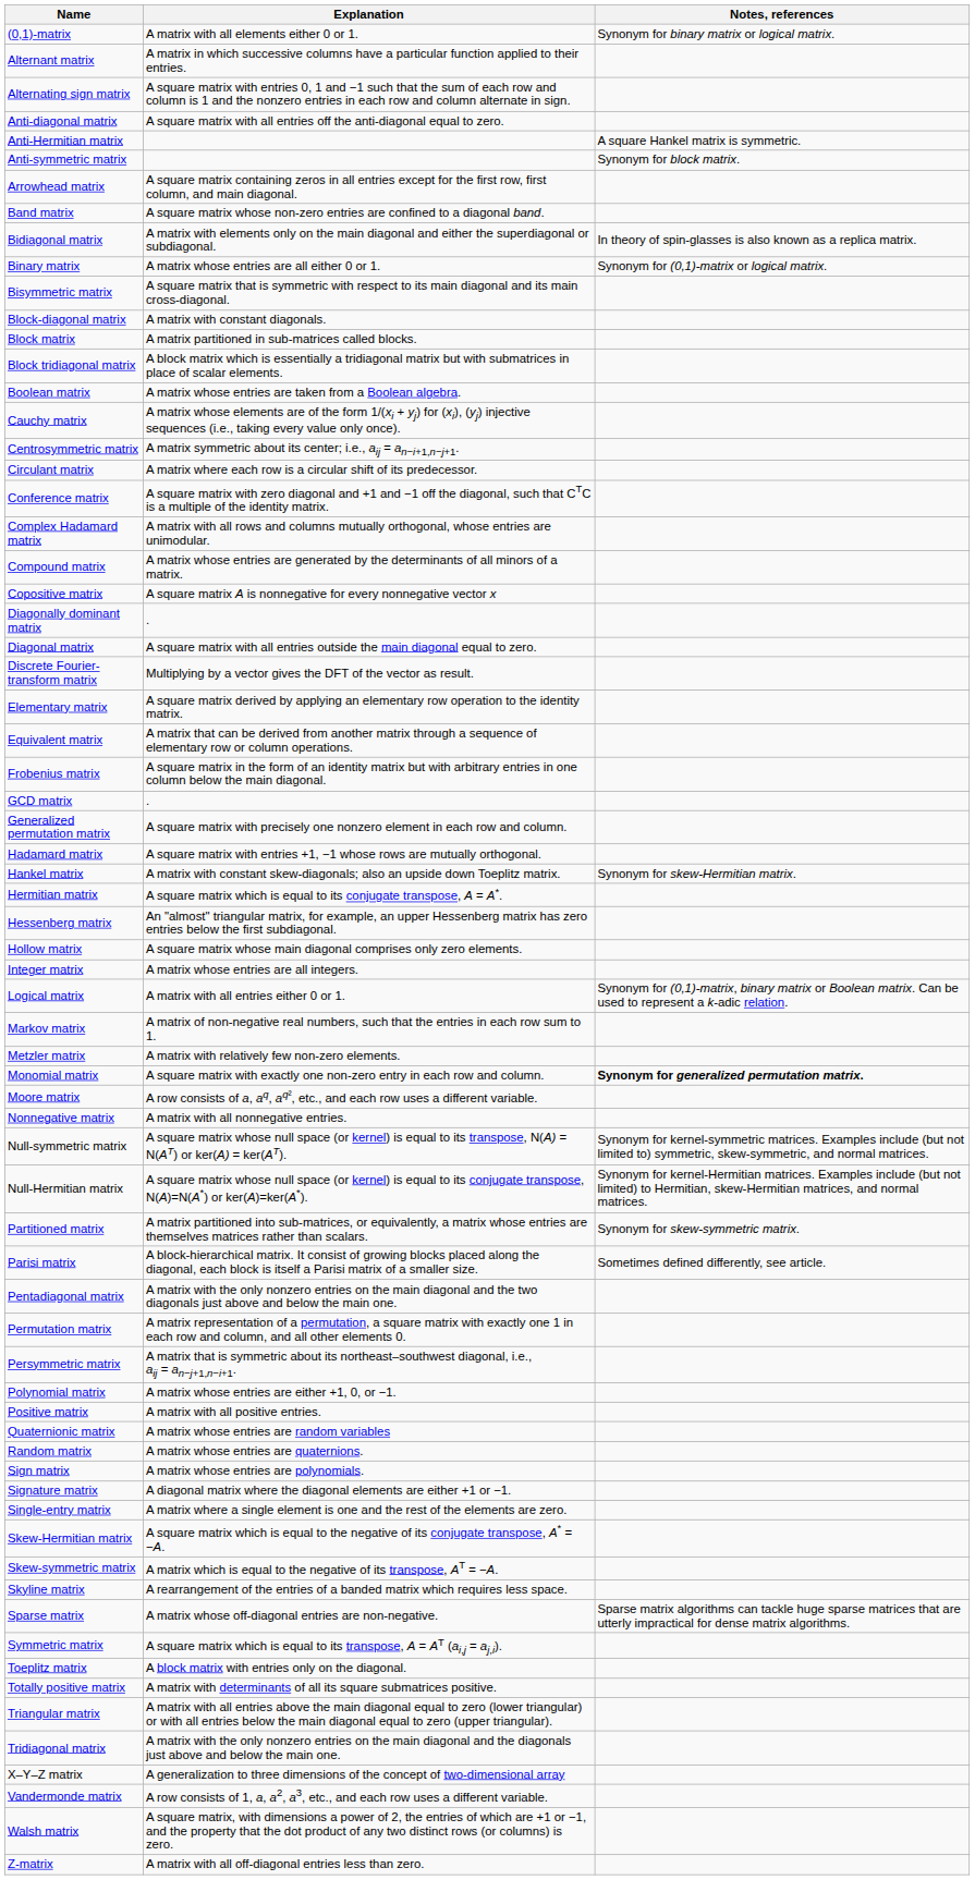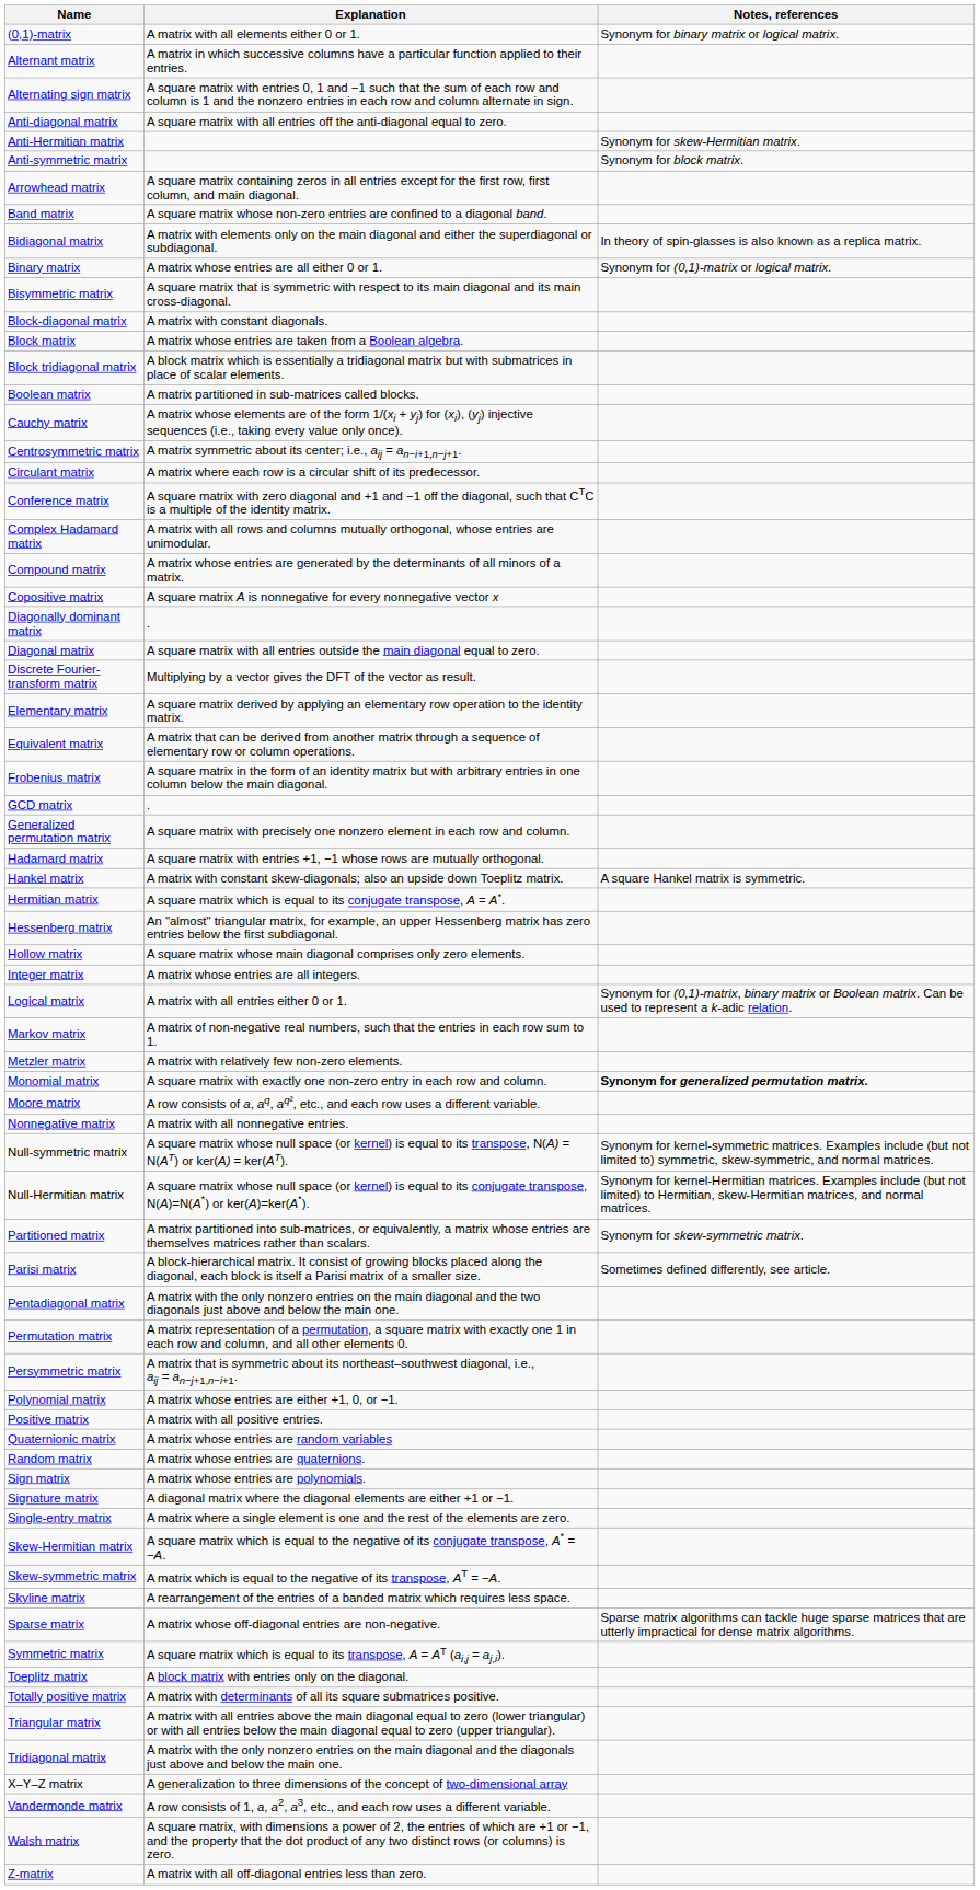 <table class="wikitable sortable">
 <tr>
 <th>Name</th>
 <th>Explanation</th>
 <th>Notes, references</th>
 </tr>
 <tr>
 <td><a href='#'>(0,1)-matrix</a></td>
 <td>A matrix with all elements either 0 or 1.</td>
 <td>Synonym for <em>binary matrix</em> or <em>logical matrix</em>.</td>
 </tr>
 <tr>
 <td><a href='#'>Alternant matrix</a></td>
 <td>A matrix in which successive columns have a particular function applied to their entries.</td>
 <td></td>
 </tr>
 <tr>
 <td><a href='#'>Alternating sign matrix</a></td>
 <td>A square matrix with entries 0, 1 and −1 such that the sum of each row and column is 1 and the nonzero entries in each row and column alternate in sign.</td>
 <td></td>
 </tr>
 <tr>
 <td><a href='#'>Anti-diagonal matrix</a></td>
 <td>A square matrix with all entries off the anti-diagonal equal to zero.</td>
 <td></td>
 </tr>
 <tr>
 <td><a href='#'>Anti-Hermitian matrix</a></td>
 <td></td>
-<td>A square Hankel matrix is symmetric.</td>
+<td>Synonym for <em>skew-Hermitian matrix</em>.</td>
 </tr>
 <tr>
 <td><a href='#'>Anti-symmetric matrix</a></td>
 <td></td>
 <td>Synonym for <em>block matrix</em>.</td>
 </tr>
 <tr>
 <td><a href='#'>Arrowhead matrix</a></td>
 <td>A square matrix containing zeros in all entries except for the first row, first column, and main diagonal.</td>
 <td></td>
 </tr>
 <tr>
 <td><a href='#'>Band matrix</a></td>
 <td>A square matrix whose non-zero entries are confined to a diagonal <em>band</em>.</td>
 <td></td>
 </tr>
 <tr>
 <td><a href='#'>Bidiagonal matrix</a></td>
 <td>A matrix with elements only on the main diagonal and either the superdiagonal or subdiagonal.</td>
 <td>In theory of spin-glasses is also known as a replica matrix.</td>
 </tr>
 <tr>
 <td><a href='#'>Binary matrix</a></td>
 <td>A matrix whose entries are all either 0 or 1.</td>
 <td>Synonym for <em>(0,1)-matrix</em> or <em>logical matrix</em>.</td>
 </tr>
 <tr>
 <td><a href='#'>Bisymmetric matrix</a></td>
 <td>A square matrix that is symmetric with respect to its main diagonal and its main cross-diagonal.</td>
 <td></td>
 </tr>
 <tr>
 <td><a href='#'>Block-diagonal matrix</a></td>
 <td>A matrix with constant diagonals.</td>
 <td></td>
 </tr>
 <tr>
 <td><a href='#'>Block matrix</a></td>
-<td>A matrix partitioned in sub-matrices called blocks.</td>
+<td>A matrix whose entries are taken from a <a href='#'>Boolean algebra</a>.</td>
 <td></td>
 </tr>
 <tr>
 <td><a href='#'>Block tridiagonal matrix</a></td>
 <td>A block matrix which is essentially a tridiagonal matrix but with submatrices in place of scalar elements.</td>
 <td></td>
 </tr>
 <tr>
 <td><a href='#'>Boolean matrix</a></td>
-<td>A matrix whose entries are taken from a <a href='#'>Boolean algebra</a>.</td>
+<td>A matrix partitioned in sub-matrices called blocks.</td>
 <td></td>
 </tr>
 <tr>
 <td><a href='#'>Cauchy matrix</a></td>
 <td>A matrix whose elements are of the form 1/(<em>x<sub>i</sub></em> + <em>y<sub>j</sub></em>) for (<em>x<sub>i</sub></em>), (<em>y<sub>j</sub></em>) injective sequences (i.e., taking every value only once).</td>
 <td></td>
 </tr>
 <tr>
 <td><a href='#'>Centrosymmetric matrix</a></td>
 <td>A matrix symmetric about its center; i.e., <em>a</em><sub><em>ij</em></sub> = <em>a</em><sub><em>n</em>−<em>i</em>+1,<em>n</em>−<em>j</em>+1</sub>.</td>
 <td></td>
 </tr>
 <tr>
 <td><a href='#'>Circulant matrix</a></td>
 <td>A matrix where each row is a circular shift of its predecessor.</td>
 <td></td>
 </tr>
 <tr>
 <td><a href='#'>Conference matrix</a></td>
 <td>A square matrix with zero diagonal and +1 and −1 off the diagonal, such that C<sup>T</sup>C is a multiple of the identity matrix.</td>
 <td></td>
 </tr>
 <tr>
 <td><a href='#'>Complex Hadamard matrix</a></td>
 <td>A matrix with all rows and columns mutually orthogonal, whose entries are unimodular.</td>
 <td></td>
 </tr>
 <tr>
 <td><a href='#'>Compound matrix</a></td>
 <td>A matrix whose entries are generated by the determinants of all minors of a matrix.</td>
 <td></td>
 </tr>
 <tr>
 <td><a href='#'>Copositive matrix</a></td>
 <td>A square matrix <em>A</em> is nonnegative for every nonnegative vector <em>x</em></td>
 <td></td>
 </tr>
 <tr>
 <td><a href='#'>Diagonally dominant matrix</a></td>
 <td>.</td>
 <td></td>
 </tr>
 <tr>
 <td><a href='#'>Diagonal matrix</a></td>
 <td>A square matrix with all entries outside the <a href='#'>main diagonal</a> equal to zero.</td>
 <td></td>
 </tr>
 <tr>
 <td><a href='#'>Discrete Fourier-transform matrix</a></td>
 <td>Multiplying by a vector gives the DFT of the vector as result.</td>
 <td></td>
 </tr>
 <tr>
 <td><a href='#'>Elementary matrix</a></td>
 <td>A square matrix derived by applying an elementary row operation to the identity matrix.</td>
 <td></td>
 </tr>
 <tr>
 <td><a href='#'>Equivalent matrix</a></td>
 <td>A matrix that can be derived from another matrix through a sequence of elementary row or column operations.</td>
 <td></td>
 </tr>
 <tr>
 <td><a href='#'>Frobenius matrix</a></td>
 <td>A square matrix in the form of an identity matrix but with arbitrary entries in one column below the main diagonal.</td>
 <td></td>
 </tr>
 <tr>
 <td><a href='#'>GCD matrix</a></td>
 <td>.</td>
 <td></td>
 </tr>
 <tr>
 <td><a href='#'>Generalized permutation matrix</a></td>
 <td>A square matrix with precisely one nonzero element in each row and column.</td>
 <td></td>
 </tr>
 <tr>
 <td><a href='#'>Hadamard matrix</a></td>
 <td>A square matrix with entries +1, −1 whose rows are mutually orthogonal.</td>
 <td></td>
 </tr>
 <tr>
 <td><a href='#'>Hankel matrix</a></td>
 <td>A matrix with constant skew-diagonals; also an upside down Toeplitz matrix.</td>
-<td>Synonym for <em>skew-Hermitian matrix</em>.</td>
+<td>A square Hankel matrix is symmetric.</td>
 </tr>
 <tr>
 <td><a href='#'>Hermitian matrix</a></td>
 <td>A square matrix which is equal to its <a href='#'>conjugate transpose</a>, <em>A</em> = <em>A</em><sup>*</sup>.</td>
 <td></td>
 </tr>
 <tr>
 <td><a href='#'>Hessenberg matrix</a></td>
 <td>An "almost" triangular matrix, for example, an upper Hessenberg matrix has zero entries below the first subdiagonal.</td>
 <td></td>
 </tr>
 <tr>
 <td><a href='#'>Hollow matrix</a></td>
 <td>A square matrix whose main diagonal comprises only zero elements.</td>
 <td></td>
 </tr>
 <tr>
 <td><a href='#'>Integer matrix</a></td>
 <td>A matrix whose entries are all integers.</td>
 <td></td>
 </tr>
 <tr>
 <td><a href='#'>Logical matrix</a></td>
 <td>A matrix with all entries either 0 or 1.</td>
 <td>Synonym for <em>(0,1)-matrix</em>, <em>binary matrix</em> or <em>Boolean matrix</em>. Can be used to represent a <em>k</em>-adic <a href='#'>relation</a>.</td>
 </tr>
 <tr>
 <td><a href='#'>Markov matrix</a></td>
 <td>A matrix of non-negative real numbers, such that the entries in each row sum to 1.</td>
 <td></td>
 </tr>
 <tr>
 <td><a href='#'>Metzler matrix</a></td>
 <td>A matrix with relatively few non-zero elements.</td>
 <td></td>
 </tr>
 <tr>
 <td><a href='#'>Monomial matrix</a></td>
 <td>A square matrix with exactly one non-zero entry in each row and column.</td>
 <td><strong>Synonym for <em>generalized permutation matrix</em>.</strong></td>
 </tr>
 <tr>
 <td><a href='#'>Moore matrix</a></td>
 <td>A row consists of <em>a</em>, <em>a</em><sup><em>q</em></sup>, <em>a</em><sup><em>q</em>²</sup>, etc., and each row uses a different variable.</td>
 <td></td>
 </tr>
 <tr>
 <td><a href='#'>Nonnegative matrix</a></td>
 <td>A matrix with all nonnegative entries.</td>
 <td></td>
 </tr>
 <tr>
 <td>Null-symmetric matrix</td>
 <td>A square matrix whose null space (or <a href='#'>kernel</a>) is equal to its <a href='#'>transpose</a>, N(<em>A)</em> = N(<em>A<sup>T</sup></em>) or ker(<em>A)</em> = ker(<em>A<sup>T</sup></em>).</td>
 <td>Synonym for kernel-symmetric matrices.  Examples include (but not limited to) symmetric, skew-symmetric, and normal matrices.</td>
 </tr>
 <tr>
 <td>Null-Hermitian matrix</td>
 <td>A square matrix whose null space (or <a href='#'>kernel</a>) is equal to its <a href='#'>conjugate transpose</a>, N(<em>A</em>)=N(<em>A</em><sup>*</sup>) or ker(<em>A</em>)=ker(<em>A</em><sup>*</sup>).</td>
 <td>Synonym for kernel-Hermitian matrices.  Examples include (but not limited) to Hermitian, skew-Hermitian matrices, and normal matrices.</td>
 </tr>
 <tr>
 <td><a href='#'>Partitioned matrix</a></td>
 <td>A matrix partitioned into sub-matrices, or equivalently, a matrix whose entries are themselves matrices rather than scalars.</td>
 <td>Synonym for <em>skew-symmetric matrix</em>.</td>
 </tr>
 <tr>
 <td><a href='#'>Parisi matrix</a></td>
 <td>A block-hierarchical matrix. It consist of growing blocks placed along the diagonal, each block is itself a Parisi matrix of a smaller size.</td>
 <td>Sometimes defined differently, see article.</td>
 </tr>
 <tr>
 <td><a href='#'>Pentadiagonal matrix</a></td>
 <td>A matrix with the only nonzero entries on the main diagonal and the two diagonals just above and below the main one.</td>
 <td></td>
 </tr>
 <tr>
 <td><a href='#'>Permutation matrix</a></td>
 <td>A matrix representation of a <a href='#'>permutation</a>, a square matrix with exactly one 1 in each row and column, and all other elements 0.</td>
 <td></td>
 </tr>
 <tr>
 <td><a href='#'>Persymmetric matrix</a></td>
 <td>A matrix that is symmetric about its northeast–southwest diagonal, i.e., <em>a</em><sub><em>ij</em></sub> = <em>a</em><sub><em>n</em>−<em>j</em>+1,<em>n</em>−<em>i</em>+1</sub>.</td>
 <td></td>
 </tr>
 <tr>
 <td><a href='#'>Polynomial matrix</a></td>
 <td>A matrix whose entries are either +1, 0, or −1.</td>
 <td></td>
 </tr>
 <tr>
 <td><a href='#'>Positive matrix</a></td>
 <td>A matrix with all positive entries.</td>
 <td></td>
 </tr>
 <tr>
 <td><a href='#'>Quaternionic matrix</a></td>
 <td>A matrix whose entries are <a href='#'>random variables</a></td>
 <td></td>
 </tr>
 <tr>
 <td><a href='#'>Random matrix</a></td>
 <td>A matrix whose entries are <a href='#'>quaternions</a>.</td>
 <td></td>
 </tr>
 <tr>
 <td><a href='#'>Sign matrix</a></td>
 <td>A matrix whose entries are <a href='#'>polynomials</a>.</td>
 <td></td>
 </tr>
 <tr>
 <td><a href='#'>Signature matrix</a></td>
 <td>A diagonal matrix where the diagonal elements are either +1 or −1.</td>
 <td></td>
 </tr>
 <tr>
 <td><a href='#'>Single-entry matrix</a></td>
 <td>A matrix where a single element is one and the rest of the elements are zero.</td>
 <td></td>
 </tr>
 <tr>
 <td><a href='#'>Skew-Hermitian matrix</a></td>
 <td>A square matrix which is equal to the negative of its <a href='#'>conjugate transpose</a>, <em>A</em><sup>*</sup> = −<em>A</em>.</td>
 <td></td>
 </tr>
 <tr>
 <td><a href='#'>Skew-symmetric matrix</a></td>
 <td>A matrix which is equal to the negative of its <a href='#'>transpose</a>, <em>A</em><sup>T</sup> = −<em>A</em>.</td>
 <td></td>
 </tr>
 <tr>
 <td><a href='#'>Skyline matrix</a></td>
 <td>A rearrangement of the entries of a banded matrix which requires less space.</td>
 <td></td>
 </tr>
 <tr>
 <td><a href='#'>Sparse matrix</a></td>
 <td>A matrix whose off-diagonal entries are non-negative.</td>
 <td>Sparse matrix algorithms can tackle huge sparse matrices that are utterly impractical for dense matrix algorithms.</td>
 </tr>
 <tr>
 <td><a href='#'>Symmetric matrix</a></td>
 <td>A square matrix which is equal to its <a href='#'>transpose</a>, <em>A</em> = <em>A</em><sup>T</sup> (<em>a</em><sub><em>i</em>,<em>j</em></sub> = <em>a</em><sub><em>j</em>,<em>i</em></sub>).</td>
 <td></td>
 </tr>
 <tr>
 <td><a href='#'>Toeplitz matrix</a></td>
 <td>A <a href='#'>block matrix</a> with entries only on the diagonal.</td>
 <td></td>
 </tr>
 <tr>
 <td><a href='#'>Totally positive matrix</a></td>
 <td>A matrix with <a href='#'>determinants</a> of all its square submatrices positive.</td>
 <td></td>
 </tr>
 <tr>
 <td><a href='#'>Triangular matrix</a></td>
 <td>A matrix with all entries above the main diagonal equal to zero (lower triangular) or with all entries below the main diagonal equal to zero (upper triangular).</td>
 <td></td>
 </tr>
 <tr>
 <td><a href='#'>Tridiagonal matrix</a></td>
 <td>A matrix with the only nonzero entries on the main diagonal and the diagonals just above and below the main one.</td>
 <td></td>
 </tr>
 <tr>
 <td>X–Y–Z matrix</td>
 <td>A generalization to three dimensions of the concept of <a href='#'>two-dimensional array</a></td>
 </tr>
 <tr>
 <td><a href='#'>Vandermonde matrix</a></td>
 <td>A row consists of 1, <em>a</em>, <em>a</em><sup>2</sup>, <em>a</em><sup>3</sup>, etc., and each row uses a different variable.</td>
 <td></td>
 </tr>
 <tr>
 <td><a href='#'>Walsh matrix</a></td>
 <td>A square matrix, with dimensions a power of 2, the entries of which are +1 or −1, and the property that the dot product of any two distinct rows (or columns) is zero.</td>
 <td></td>
 </tr>
 <tr>
 <td><a href='#'>Z-matrix</a></td>
 <td>A matrix with all off-diagonal entries less than zero.</td>
 </tr>
 </table>
